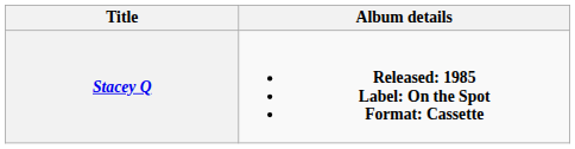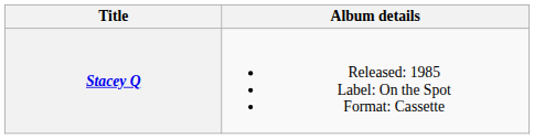 <table class="wikitable plainrowheaders" style="text-align:center;">
 <tr>
 <th scope="col" style="width:14em;">Title</th>
 <th scope="col" style="width:20em;">Album details</th>
 </tr>
 <tr>
 <th scope="row"><em><a href='#'>Stacey Q</a></em></th>
-<td><strong><br><ul><li>Released: 1985</li><li>Label: On the Spot</li><li>Format: Cassette</li></ul></strong></td>
+<td><br><ul><li>Released: 1985</li><li>Label: On the Spot</li><li>Format: Cassette</li></ul></td>
 </tr>
 </table>
